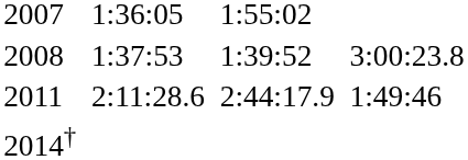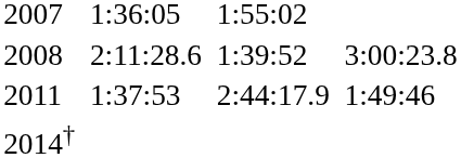 <table>
 <tr>
 <td>2007</td>
 <td></td>
 <td>1:36:05</td>
 <td></td>
 <td>1:55:02</td>
 <td></td>
 <td></td>
 </tr>
 <tr>
 <td>2008</td>
 <td></td>
-<td>1:37:53</td>
+<td>2:11:28.6</td>
 <td></td>
 <td>1:39:52</td>
 <td></td>
 <td>3:00:23.8</td>
 </tr>
 <tr>
 <td>2011</td>
 <td></td>
-<td>2:11:28.6</td>
+<td>1:37:53</td>
 <td></td>
 <td>2:44:17.9</td>
 <td></td>
 <td>1:49:46</td>
 </tr>
 <tr>
 <td>2014<sup>†</sup></td>
 <td></td>
 <td></td>
 <td></td>
 <td></td>
 <td></td>
 <td></td>
 </tr>
 </table>
